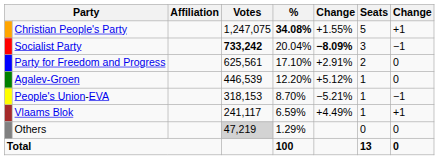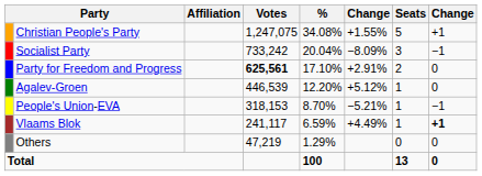 <table class="wikitable">
 <tr>
 <th colspan="2">Party</th>
 <th>Affiliation</th>
 <th>Votes</th>
 <th>%</th>
 <th>Change</th>
 <th>Seats</th>
 <th>Change</th>
 </tr>
 <tr>
 <td style="background-color:orange"> </td>
 <td style="text-align: left"><a href='#'>Christian People's Party</a></td>
 <td></td>
 <td>1,247,075</td>
-<td><strong>34.08%</strong></td>
+<td>34.08%</td>
 <td>+1.55%</td>
 <td>5</td>
 <td>+1</td>
 </tr>
 <tr>
 <td style="background-color:red"> </td>
 <td style="text-align: left"><a href='#'>Socialist Party</a></td>
 <td></td>
-<td><strong>733,242</strong></td>
+<td>733,242</td>
 <td>20.04%</td>
-<td><strong>−8.09%</strong></td>
+<td>−8.09%</td>
 <td>3</td>
 <td>−1</td>
 </tr>
 <tr>
 <td style="background-color:blue"> </td>
 <td style="text-align: left"><a href='#'>Party for Freedom and Progress</a></td>
 <td></td>
-<td>625,561</td>
+<td><strong>625,561</strong></td>
 <td>17.10%</td>
 <td>+2.91%</td>
 <td>2</td>
 <td>0</td>
 </tr>
 <tr>
 <td style="background-color:green"> </td>
 <td style="text-align: left"><a href='#'>Agalev-Groen</a></td>
 <td></td>
 <td>446,539</td>
 <td>12.20%</td>
 <td>+5.12%</td>
 <td>1</td>
 <td>0</td>
 </tr>
 <tr>
 <td style="background-color:yellow"> </td>
 <td style="text-align: left"><a href='#'>People's Union</a>-<a href='#'>EVA</a></td>
 <td></td>
 <td>318,153</td>
 <td>8.70%</td>
 <td>−5.21%</td>
 <td>1</td>
 <td>−1</td>
 </tr>
 <tr>
 <td style="background-color:brown"> </td>
 <td style="text-align: left"><a href='#'>Vlaams Blok</a></td>
 <td></td>
 <td>241,117</td>
 <td>6.59%</td>
 <td>+4.49%</td>
 <td>1</td>
-<td>+1</td>
+<td><strong>+1</strong></td>
 </tr>
 <tr>
 <td style="background-color:grey"> </td>
 <td style="text-align: left">Others</td>
 <td></td>
-<td style="background: lightgrey;">47,219</td>
+<td>47,219</td>
 <td>1.29%</td>
 <td></td>
 <td>0</td>
 <td>0</td>
 </tr>
 <tr>
 <td colspan="3"><strong>Total</strong></td>
 <td></td>
 <td><strong>100</strong></td>
 <td></td>
 <td><strong>13</strong></td>
 <td><strong>0</strong></td>
 </tr>
 </table>
